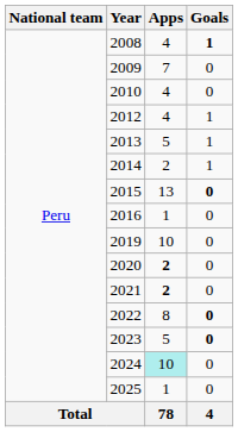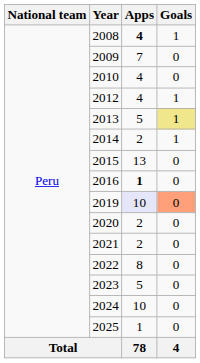 <table class="wikitable" style="text-align:center">
 <tr>
 <th>National team</th>
 <th>Year</th>
 <th>Apps</th>
 <th>Goals</th>
 </tr>
 <tr>
 <td rowspan="15"><a href='#'>Peru</a></td>
 <td>2008</td>
-<td>4</td>
-<td><strong>1</strong></td>
+<td><strong>4</strong></td>
+<td>1</td>
 </tr>
 <tr>
 <td>2009</td>
 <td>7</td>
 <td>0</td>
 </tr>
 <tr>
 <td>2010</td>
 <td>4</td>
 <td>0</td>
 </tr>
 <tr>
 <td>2012</td>
 <td>4</td>
 <td>1</td>
 </tr>
 <tr>
 <td>2013</td>
 <td>5</td>
-<td>1</td>
+<td style="background: khaki;">1</td>
 </tr>
 <tr>
 <td>2014</td>
 <td>2</td>
 <td>1</td>
 </tr>
 <tr>
 <td>2015</td>
 <td>13</td>
-<td><strong>0</strong></td>
+<td>0</td>
 </tr>
 <tr>
 <td>2016</td>
-<td>1</td>
+<td><strong>1</strong></td>
 <td>0</td>
 </tr>
 <tr>
 <td>2019</td>
-<td>10</td>
-<td>0</td>
+<td style="background: lavender;">10</td>
+<td style="background: lightsalmon;">0</td>
 </tr>
 <tr>
 <td>2020</td>
-<td><strong>2</strong></td>
+<td>2</td>
 <td>0</td>
 </tr>
 <tr>
 <td>2021</td>
-<td><strong>2</strong></td>
+<td>2</td>
 <td>0</td>
 </tr>
 <tr>
 <td>2022</td>
 <td>8</td>
-<td><strong>0</strong></td>
+<td>0</td>
 </tr>
 <tr>
 <td>2023</td>
 <td>5</td>
-<td><strong>0</strong></td>
+<td>0</td>
 </tr>
 <tr>
 <td>2024</td>
-<td style="background: paleturquoise;">10</td>
+<td>10</td>
 <td>0</td>
 </tr>
 <tr>
 <td>2025</td>
 <td>1</td>
 <td>0</td>
 </tr>
 <tr>
 <th colspan="2">Total</th>
 <th>78</th>
 <th>4</th>
 </tr>
 </table>
